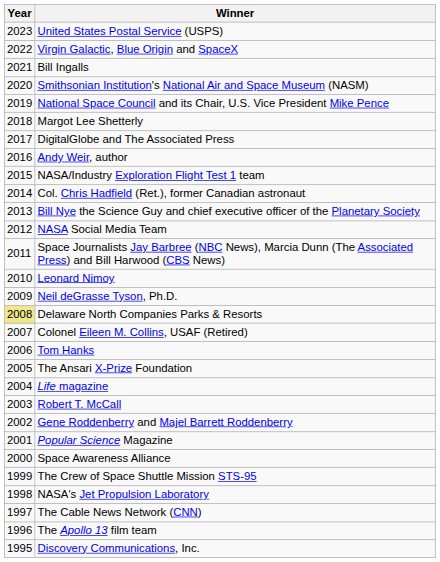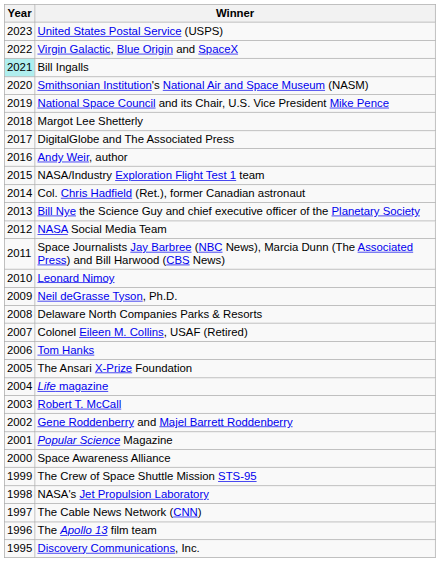 <table class="wikitable">
 <tr>
 <th>Year</th>
 <th>Winner</th>
 </tr>
 <tr>
 <td>2023</td>
 <td><a href='#'>United States Postal Service</a> (USPS)</td>
 </tr>
 <tr>
 <td>2022</td>
 <td><a href='#'>Virgin Galactic</a>, <a href='#'>Blue Origin</a> and <a href='#'>SpaceX</a></td>
 </tr>
 <tr>
-<td>2021</td>
+<td style="background: paleturquoise;">2021</td>
 <td>Bill Ingalls</td>
 </tr>
 <tr>
 <td>2020</td>
 <td><a href='#'>Smithsonian Institution</a>'s <a href='#'>National Air and Space Museum</a> (NASM)</td>
 </tr>
 <tr>
 <td>2019</td>
 <td><a href='#'>National Space Council</a> and its Chair, U.S. Vice President <a href='#'>Mike Pence</a></td>
 </tr>
 <tr>
 <td>2018</td>
 <td>Margot Lee Shetterly</td>
 </tr>
 <tr>
 <td>2017</td>
 <td>DigitalGlobe and The Associated Press</td>
 </tr>
 <tr>
 <td>2016</td>
 <td><a href='#'>Andy Weir</a>, author</td>
 </tr>
 <tr>
 <td>2015</td>
 <td>NASA/Industry <a href='#'>Exploration Flight Test 1</a> team</td>
 </tr>
 <tr>
 <td>2014</td>
 <td>Col. <a href='#'>Chris Hadfield</a> (Ret.), former Canadian astronaut</td>
 </tr>
 <tr>
 <td>2013</td>
 <td><a href='#'>Bill Nye</a> the Science Guy and chief executive officer of the <a href='#'>Planetary Society</a></td>
 </tr>
 <tr>
 <td>2012</td>
 <td><a href='#'>NASA</a> Social Media Team</td>
 </tr>
 <tr>
 <td>2011</td>
 <td>Space Journalists <a href='#'>Jay Barbree</a> (<a href='#'>NBC</a> News), Marcia Dunn (The <a href='#'>Associated Press</a>) and Bill Harwood (<a href='#'>CBS</a> News)</td>
 </tr>
 <tr>
 <td>2010</td>
 <td><a href='#'>Leonard Nimoy</a></td>
 </tr>
 <tr>
 <td>2009</td>
 <td><a href='#'>Neil deGrasse Tyson</a>, Ph.D.</td>
 </tr>
 <tr>
-<td style="background: khaki;">2008</td>
+<td>2008</td>
 <td>Delaware North Companies Parks & Resorts</td>
 </tr>
 <tr>
 <td>2007</td>
 <td>Colonel <a href='#'>Eileen M. Collins</a>, USAF (Retired)</td>
 </tr>
 <tr>
 <td>2006</td>
 <td><a href='#'>Tom Hanks</a></td>
 </tr>
 <tr>
 <td>2005</td>
 <td>The Ansari <a href='#'>X-Prize</a> Foundation</td>
 </tr>
 <tr>
 <td>2004</td>
 <td><a href='#'><em>Life</em> magazine</a></td>
 </tr>
 <tr>
 <td>2003</td>
 <td><a href='#'>Robert T. McCall</a></td>
 </tr>
 <tr>
 <td>2002</td>
 <td><a href='#'>Gene Roddenberry</a> and <a href='#'>Majel Barrett Roddenberry</a></td>
 </tr>
 <tr>
 <td>2001</td>
 <td><em><a href='#'>Popular Science</a></em> Magazine</td>
 </tr>
 <tr>
 <td>2000</td>
 <td>Space Awareness Alliance</td>
 </tr>
 <tr>
 <td>1999</td>
 <td>The Crew of Space Shuttle Mission <a href='#'>STS-95</a></td>
 </tr>
 <tr>
 <td>1998</td>
 <td>NASA's <a href='#'>Jet Propulsion Laboratory</a></td>
 </tr>
 <tr>
 <td>1997</td>
 <td>The Cable News Network (<a href='#'>CNN</a>)</td>
 </tr>
 <tr>
 <td>1996</td>
 <td>The <em><a href='#'>Apollo 13</a></em> film team</td>
 </tr>
 <tr>
 <td>1995</td>
 <td><a href='#'>Discovery Communications</a>, Inc.</td>
 </tr>
 </table>
